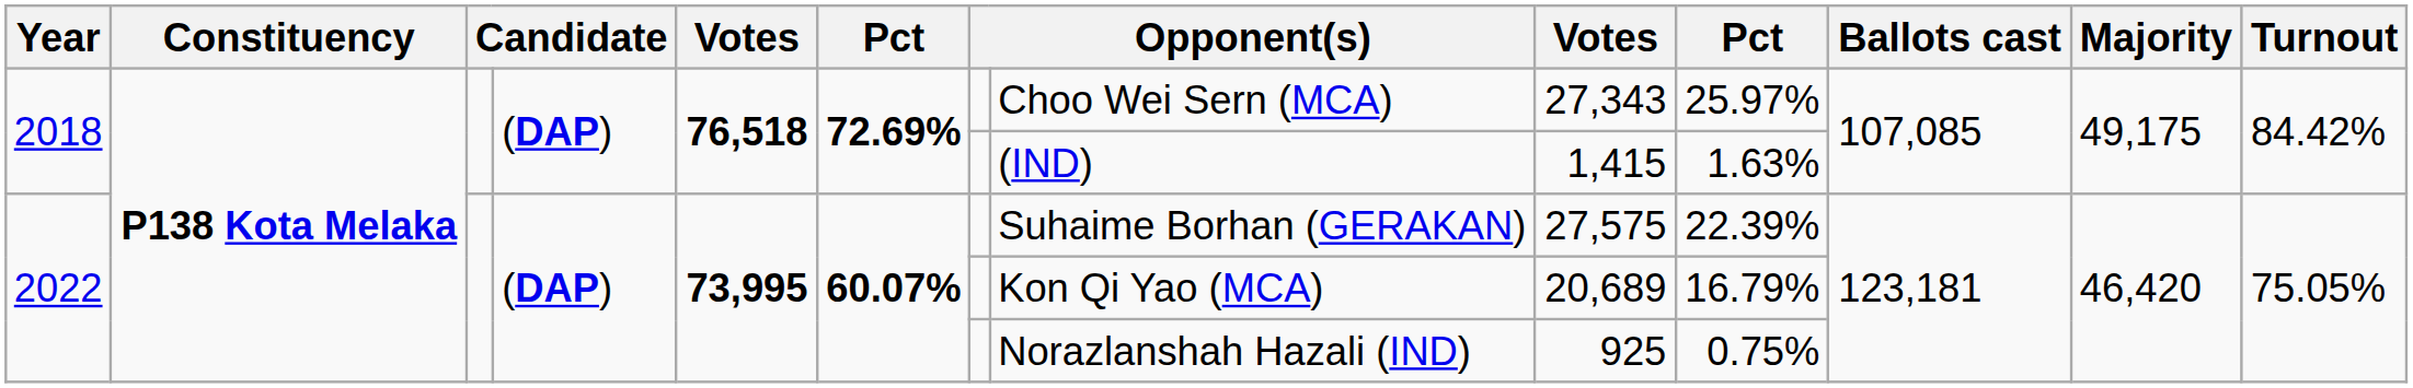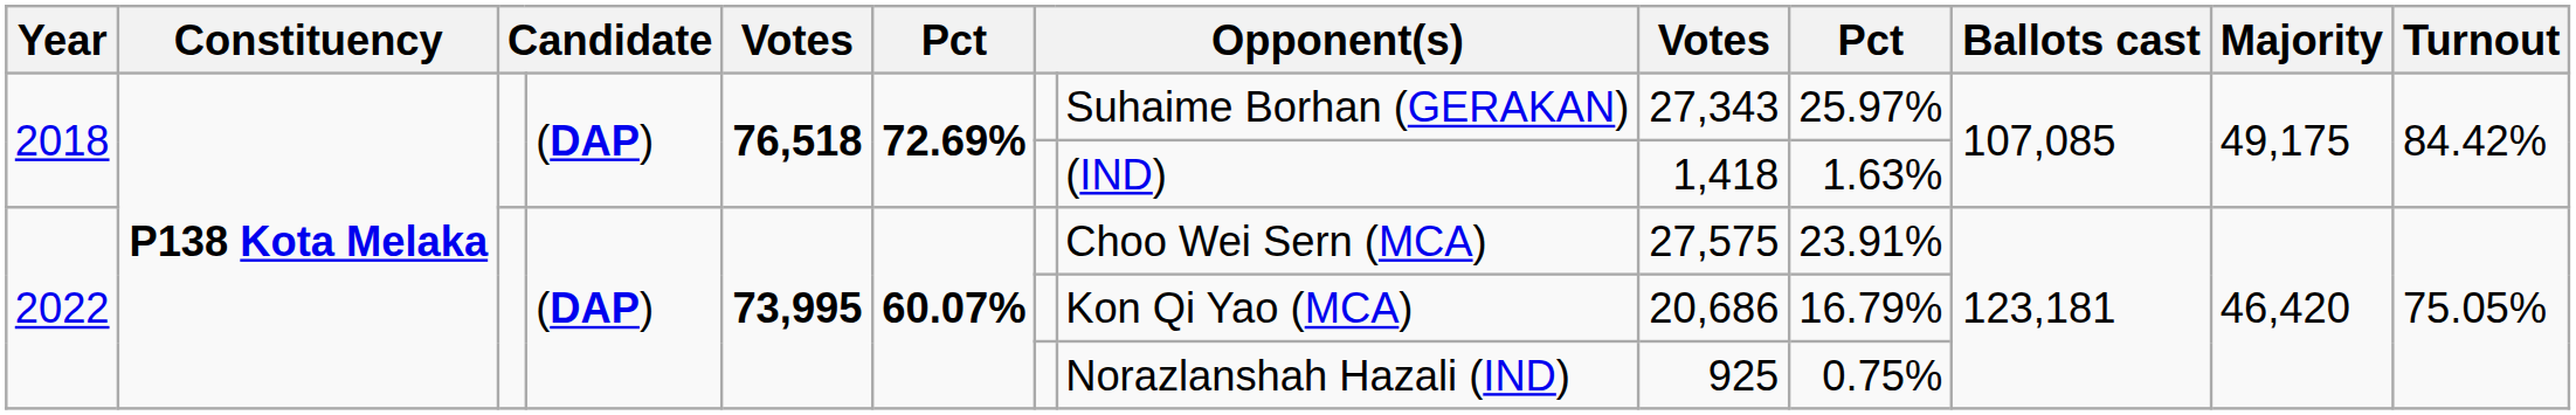 <table class="wikitable" style="margin:0.5em ; font-size:95%">
 <tr>
 <th>Year</th>
 <th>Constituency</th>
 <th colspan=2>Candidate</th>
 <th>Votes</th>
 <th>Pct</th>
 <th colspan=2>Opponent(s)</th>
 <th>Votes</th>
 <th>Pct</th>
 <th>Ballots cast</th>
 <th>Majority</th>
 <th>Turnout</th>
 </tr>
 <tr>
 <td rowspan=2><a href='#'>2018</a></td>
 <td rowspan=5><strong>P138 <a href='#'>Kota Melaka</a></strong></td>
 <td rowspan=2 ></td>
 <td rowspan=2> (<a href='#'><strong>DAP</strong></a>)</td>
 <td rowspan=2 align="right"><strong>76,518</strong></td>
 <td rowspan=2><strong>72.69%</strong></td>
 <td></td>
-<td>Choo Wei Sern (<a href='#'>MCA</a>)</td>
+<td>Suhaime Borhan (<a href='#'>GERAKAN</a>)</td>
 <td align="right">27,343</td>
 <td>25.97%</td>
 <td rowspan=2>107,085</td>
 <td rowspan=2>49,175</td>
 <td rowspan=2>84.42%</td>
 </tr>
 <tr>
 <td></td>
 <td> (<a href='#'>IND</a>)</td>
-<td align="right">1,415</td>
+<td align="right">1,418</td>
 <td align=right>1.63%</td>
 </tr>
 <tr>
 <td rowspan=3><a href='#'>2022</a></td>
 <td rowspan=3 ></td>
 <td rowspan=3> (<a href='#'><strong>DAP</strong></a>)</td>
 <td rowspan=3 align="right"><strong>73,995</strong></td>
 <td rowspan=3><strong>60.07%</strong></td>
 <td bgcolor=></td>
-<td>Suhaime Borhan (<a href='#'>GERAKAN</a>)</td>
+<td>Choo Wei Sern (<a href='#'>MCA</a>)</td>
 <td align="right">27,575</td>
-<td>22.39%</td>
+<td>23.91%</td>
 <td rowspan=3>123,181</td>
 <td rowspan=3>46,420</td>
 <td rowspan=3>75.05%</td>
 </tr>
 <tr>
 <td></td>
 <td>Kon Qi Yao (<a href='#'>MCA</a>)</td>
-<td align="right">20,689</td>
+<td align="right">20,686</td>
 <td>16.79%</td>
 </tr>
 <tr>
 <td></td>
 <td>Norazlanshah Hazali (<a href='#'>IND</a>)</td>
 <td align="right">925</td>
 <td align=right>0.75%</td>
 </tr>
 </table>
